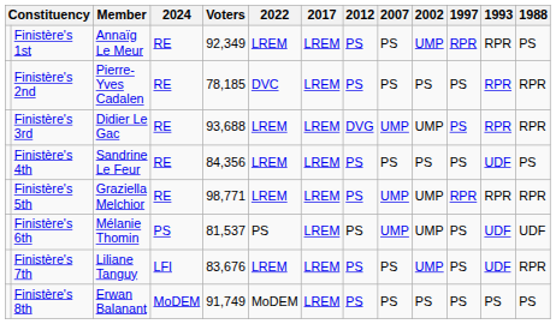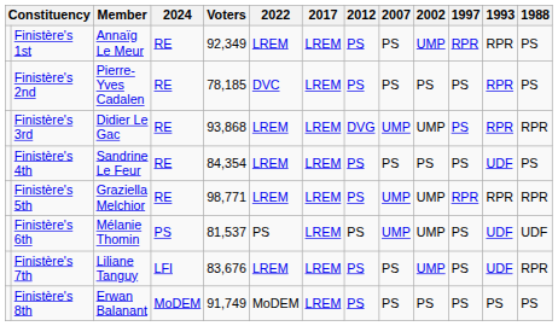 <table class="wikitable sortable">
 <tr>
 <th colspan="2">Constituency</th>
 <th>Member</th>
 <th>2024</th>
 <th>Voters</th>
 <th>2022</th>
 <th>2017</th>
 <th>2012</th>
 <th>2007</th>
 <th>2002</th>
 <th>1997</th>
 <th>1993</th>
 <th>1988</th>
 </tr>
 <tr>
 <td style="background-color: "></td>
 <td><a href='#'>Finistère's 1st</a></td>
 <td><a href='#'>Annaïg Le Meur</a></td>
 <td><a href='#'>RE</a></td>
 <td>92,349</td>
 <td><a href='#'>LREM</a></td>
 <td><a href='#'>LREM</a></td>
 <td bgcolor=><a href='#'>PS</a></td>
 <td bgcolor=>PS</td>
 <td bgcolor=><a href='#'>UMP</a></td>
 <td bgcolor=><a href='#'>RPR</a></td>
 <td bgcolor=>RPR</td>
 <td bgcolor=>PS</td>
 </tr>
 <tr>
 <td style="background-color: "></td>
 <td><a href='#'>Finistère's 2nd</a></td>
 <td><a href='#'>Pierre-Yves Cadalen</a></td>
 <td><a href='#'>RE</a></td>
 <td>78,185</td>
 <td><a href='#'>DVC</a></td>
 <td><a href='#'>LREM</a></td>
 <td bgcolor=><a href='#'>PS</a></td>
 <td bgcolor=>PS</td>
 <td bgcolor=>PS</td>
 <td bgcolor=>PS</td>
 <td bgcolor=><a href='#'>RPR</a></td>
-<td bgcolor=>RPR</td>
+<td bgcolor=>PS</td>
 </tr>
 <tr>
 <td style="background-color: "></td>
 <td><a href='#'>Finistère's 3rd</a></td>
 <td><a href='#'>Didier Le Gac</a></td>
 <td><a href='#'>RE</a></td>
-<td>93,688</td>
+<td>93,868</td>
 <td><a href='#'>LREM</a></td>
 <td><a href='#'>LREM</a></td>
 <td bgcolor=><a href='#'>DVG</a></td>
 <td bgcolor=><a href='#'>UMP</a></td>
 <td bgcolor=>UMP</td>
 <td bgcolor=><a href='#'>PS</a></td>
 <td bgcolor=><a href='#'>RPR</a></td>
 <td bgcolor=>RPR</td>
 </tr>
 <tr>
 <td style="background-color: "></td>
 <td><a href='#'>Finistère's 4th</a></td>
 <td><a href='#'>Sandrine Le Feur</a></td>
 <td><a href='#'>RE</a></td>
-<td>84,356</td>
+<td>84,354</td>
 <td><a href='#'>LREM</a></td>
 <td><a href='#'>LREM</a></td>
 <td bgcolor=><a href='#'>PS</a></td>
 <td bgcolor=>PS</td>
 <td bgcolor=>PS</td>
 <td bgcolor=>PS</td>
 <td bgcolor=><a href='#'>UDF</a></td>
 <td bgcolor=>PS</td>
 </tr>
 <tr>
 <td style="background-color: "></td>
 <td><a href='#'>Finistère's 5th</a></td>
 <td><a href='#'>Graziella Melchior</a></td>
 <td><a href='#'>RE</a></td>
 <td>98,771</td>
 <td><a href='#'>LREM</a></td>
 <td><a href='#'>LREM</a></td>
 <td bgcolor=><a href='#'>PS</a></td>
 <td bgcolor=><a href='#'>UMP</a></td>
 <td bgcolor=>UMP</td>
 <td bgcolor=><a href='#'>RPR</a></td>
 <td bgcolor=>RPR</td>
 <td bgcolor=>RPR</td>
 </tr>
 <tr>
 <td style="background-color: "></td>
 <td><a href='#'>Finistère's 6th</a></td>
 <td><a href='#'>Mélanie Thomin</a></td>
 <td bgcolor=><a href='#'>PS</a></td>
 <td>81,537</td>
 <td bgcolor=>PS</td>
 <td><a href='#'>LREM</a></td>
 <td bgcolor=>PS</td>
 <td bgcolor=><a href='#'>UMP</a></td>
 <td bgcolor=>UMP</td>
 <td bgcolor=>PS</td>
 <td bgcolor=><a href='#'>UDF</a></td>
 <td bgcolor=>UDF</td>
 </tr>
 <tr>
 <td style="background-color: "></td>
 <td><a href='#'>Finistère's 7th</a></td>
 <td><a href='#'>Liliane Tanguy</a></td>
 <td><a href='#'>LFI</a></td>
 <td>83,676</td>
 <td><a href='#'>LREM</a></td>
 <td><a href='#'>LREM</a></td>
 <td bgcolor=><a href='#'>PS</a></td>
 <td bgcolor=>PS</td>
 <td bgcolor=><a href='#'>UMP</a></td>
 <td bgcolor=>PS</td>
 <td bgcolor=><a href='#'>UDF</a></td>
 <td bgcolor=>RPR</td>
 </tr>
 <tr>
 <td style="background-color: "></td>
 <td><a href='#'>Finistère's 8th</a></td>
 <td><a href='#'>Erwan Balanant</a></td>
 <td><a href='#'>MoDEM</a></td>
 <td>91,749</td>
 <td>MoDEM</td>
 <td><a href='#'>LREM</a></td>
 <td bgcolor=><a href='#'>PS</a></td>
 <td bgcolor=>PS</td>
 <td bgcolor=>PS</td>
 <td bgcolor=>PS</td>
 <td bgcolor=>PS</td>
 <td bgcolor=>PS</td>
 </tr>
 </table>
